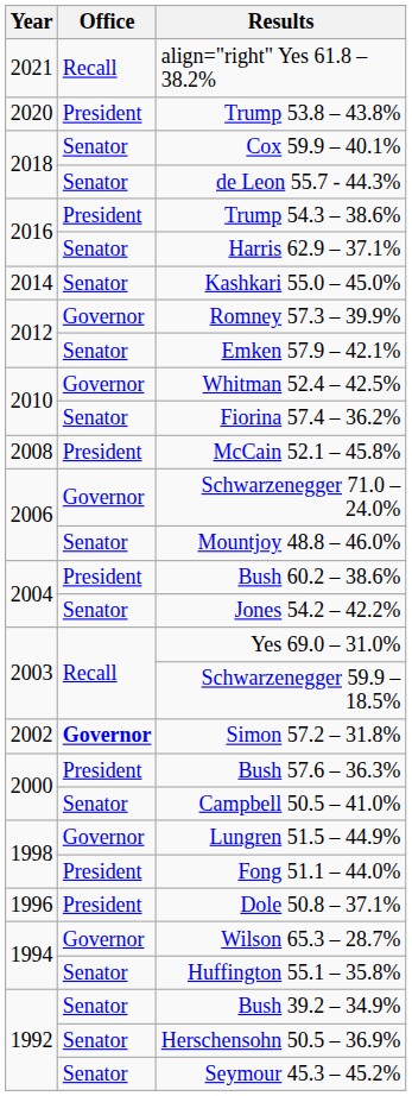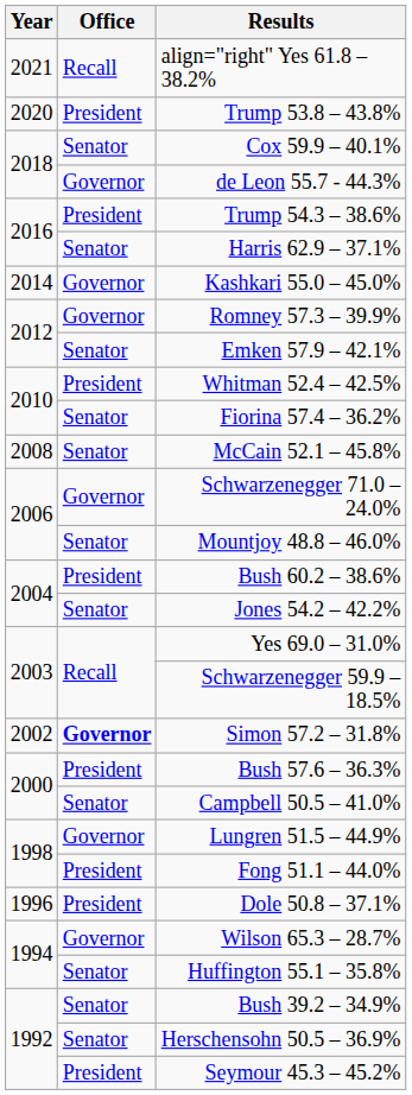 <table class=wikitable>
 <tr>
 <th width="30">Year</th>
 <th width="60">Office</th>
 <th width="180">Results</th>
 </tr>
 <tr>
 <td>2021</td>
 <td><a href='#'>Recall</a></td>
 <td>align="right"  Yes 61.8 – 38.2%</td>
 </tr>
 <tr>
 <td rowspan="1">2020</td>
 <td><a href='#'>President</a></td>
 <td align="right" ><a href='#'>Trump</a> 53.8 – 43.8%</td>
 </tr>
 <tr>
 <td rowspan="2">2018</td>
 <td><a href='#'>Senator</a></td>
 <td align="right" ><a href='#'>Cox</a> 59.9 – 40.1%</td>
 </tr>
 <tr>
-<td><a href='#'>Senator</a></td>
+<td><a href='#'>Governor</a></td>
 <td align="right" ><a href='#'>de Leon</a> 55.7 - 44.3%</td>
 </tr>
 <tr>
 <td rowspan="2">2016</td>
 <td><a href='#'>President</a></td>
 <td align="right" ><a href='#'>Trump</a> 54.3 – 38.6%</td>
 </tr>
 <tr>
 <td><a href='#'>Senator</a></td>
 <td align="right" ><a href='#'>Harris</a> 62.9 – 37.1%</td>
 </tr>
 <tr>
 <td>2014</td>
-<td><a href='#'>Senator</a></td>
+<td><a href='#'>Governor</a></td>
 <td align="right" ><a href='#'>Kashkari</a> 55.0 – 45.0%</td>
 </tr>
 <tr>
 <td rowspan="2">2012</td>
 <td><a href='#'>Governor</a></td>
 <td align="right" ><a href='#'>Romney</a> 57.3 – 39.9%</td>
 </tr>
 <tr>
 <td><a href='#'>Senator</a></td>
 <td align="right" ><a href='#'>Emken</a> 57.9 – 42.1%</td>
 </tr>
 <tr>
 <td rowspan="2">2010</td>
-<td><a href='#'>Governor</a></td>
+<td><a href='#'>President</a></td>
 <td align="right" ><a href='#'>Whitman</a> 52.4 – 42.5%</td>
 </tr>
 <tr>
 <td><a href='#'>Senator</a></td>
 <td align="right" ><a href='#'>Fiorina</a> 57.4 – 36.2%</td>
 </tr>
 <tr>
 <td>2008</td>
-<td><a href='#'>President</a></td>
+<td><a href='#'>Senator</a></td>
 <td align="right" ><a href='#'>McCain</a> 52.1 – 45.8%</td>
 </tr>
 <tr>
 <td rowspan="2">2006</td>
 <td><a href='#'>Governor</a></td>
 <td align="right" ><a href='#'>Schwarzenegger</a> 71.0 – 24.0%</td>
 </tr>
 <tr>
 <td><a href='#'>Senator</a></td>
 <td align="right" ><a href='#'>Mountjoy</a> 48.8 – 46.0%</td>
 </tr>
 <tr>
 <td rowspan="2">2004</td>
 <td><a href='#'>President</a></td>
 <td align="right" ><a href='#'>Bush</a> 60.2 – 38.6%</td>
 </tr>
 <tr>
 <td><a href='#'>Senator</a></td>
 <td align="right" ><a href='#'>Jones</a> 54.2 – 42.2%</td>
 </tr>
 <tr>
 <td rowspan="2">2003</td>
 <td rowspan="2"><a href='#'>Recall</a></td>
 <td align="right">Yes 69.0 – 31.0%</td>
 </tr>
 <tr>
 <td align="right" ><a href='#'>Schwarzenegger</a> 59.9 – 18.5%</td>
 </tr>
 <tr>
 <td>2002</td>
 <td><strong><a href='#'>Governor</a></strong></td>
 <td align="right" ><a href='#'>Simon</a> 57.2 – 31.8%</td>
 </tr>
 <tr>
 <td rowspan="2">2000</td>
 <td><a href='#'>President</a></td>
 <td align="right" ><a href='#'>Bush</a> 57.6 – 36.3%</td>
 </tr>
 <tr>
 <td><a href='#'>Senator</a></td>
 <td align="right" ><a href='#'>Campbell</a> 50.5 – 41.0%</td>
 </tr>
 <tr>
 <td rowspan="2">1998</td>
 <td><a href='#'>Governor</a></td>
 <td align="right" ><a href='#'>Lungren</a> 51.5 – 44.9%</td>
 </tr>
 <tr>
 <td><a href='#'>President</a></td>
 <td align="right" ><a href='#'>Fong</a> 51.1 – 44.0%</td>
 </tr>
 <tr>
 <td>1996</td>
 <td><a href='#'>President</a></td>
 <td align="right" ><a href='#'>Dole</a> 50.8 – 37.1%</td>
 </tr>
 <tr>
 <td rowspan="2">1994</td>
 <td><a href='#'>Governor</a></td>
 <td align="right" ><a href='#'>Wilson</a> 65.3 – 28.7%</td>
 </tr>
 <tr>
 <td><a href='#'>Senator</a></td>
 <td align="right" ><a href='#'>Huffington</a> 55.1 – 35.8%</td>
 </tr>
 <tr>
 <td rowspan="3">1992</td>
 <td><a href='#'>Senator</a></td>
 <td align="right" ><a href='#'>Bush</a> 39.2 – 34.9%</td>
 </tr>
 <tr>
 <td><a href='#'>Senator</a></td>
 <td align="right" ><a href='#'>Herschensohn</a> 50.5 – 36.9%</td>
 </tr>
 <tr>
-<td><a href='#'>Senator</a></td>
+<td><a href='#'>President</a></td>
 <td align="right" ><a href='#'>Seymour</a> 45.3 – 45.2%</td>
 </tr>
 </table>
